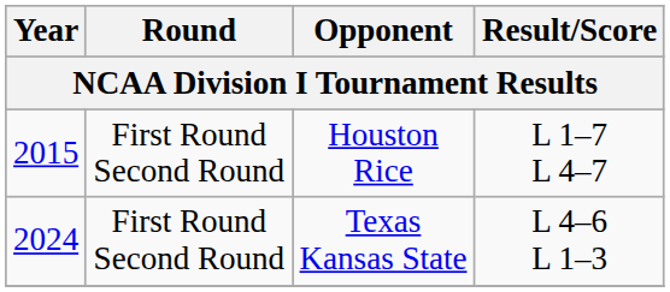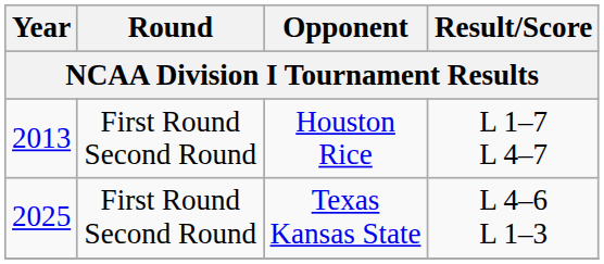 <table class="wikitable">
 <tr>
 <th>Year</th>
 <th>Round</th>
 <th>Opponent</th>
 <th>Result/Score</th>
 </tr>
 <tr>
 <th colspan=4>NCAA Division I Tournament Results</th>
 </tr>
 <tr style="text-align:center;">
-<td><a href='#'>2015</a></td>
+<td><a href='#'>2013</a></td>
 <td>First Round<br>Second Round</td>
 <td><a href='#'>Houston</a><br><a href='#'>Rice</a></td>
 <td>L 1–7<br>L 4–7</td>
 </tr>
 <tr style="text-align: center;">
-<td><a href='#'>2024</a></td>
+<td><a href='#'>2025</a></td>
 <td>First Round<br>Second Round</td>
 <td><a href='#'>Texas</a><br><a href='#'>Kansas State</a></td>
 <td>L 4–6<br>L 1–3</td>
 </tr>
 <tr style="text-align: center;">
 </tr>
 </table>
